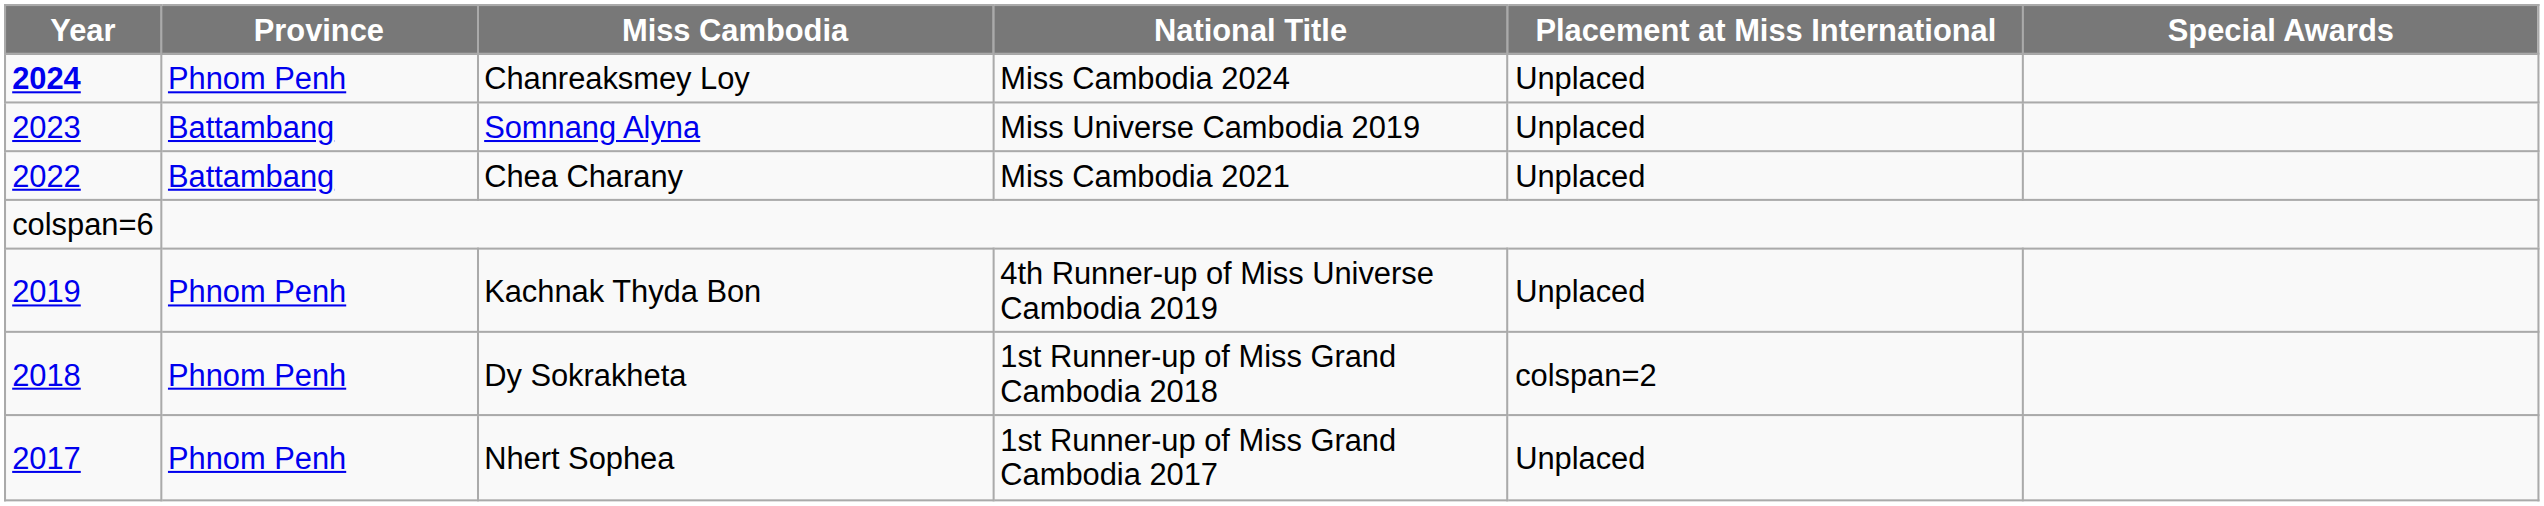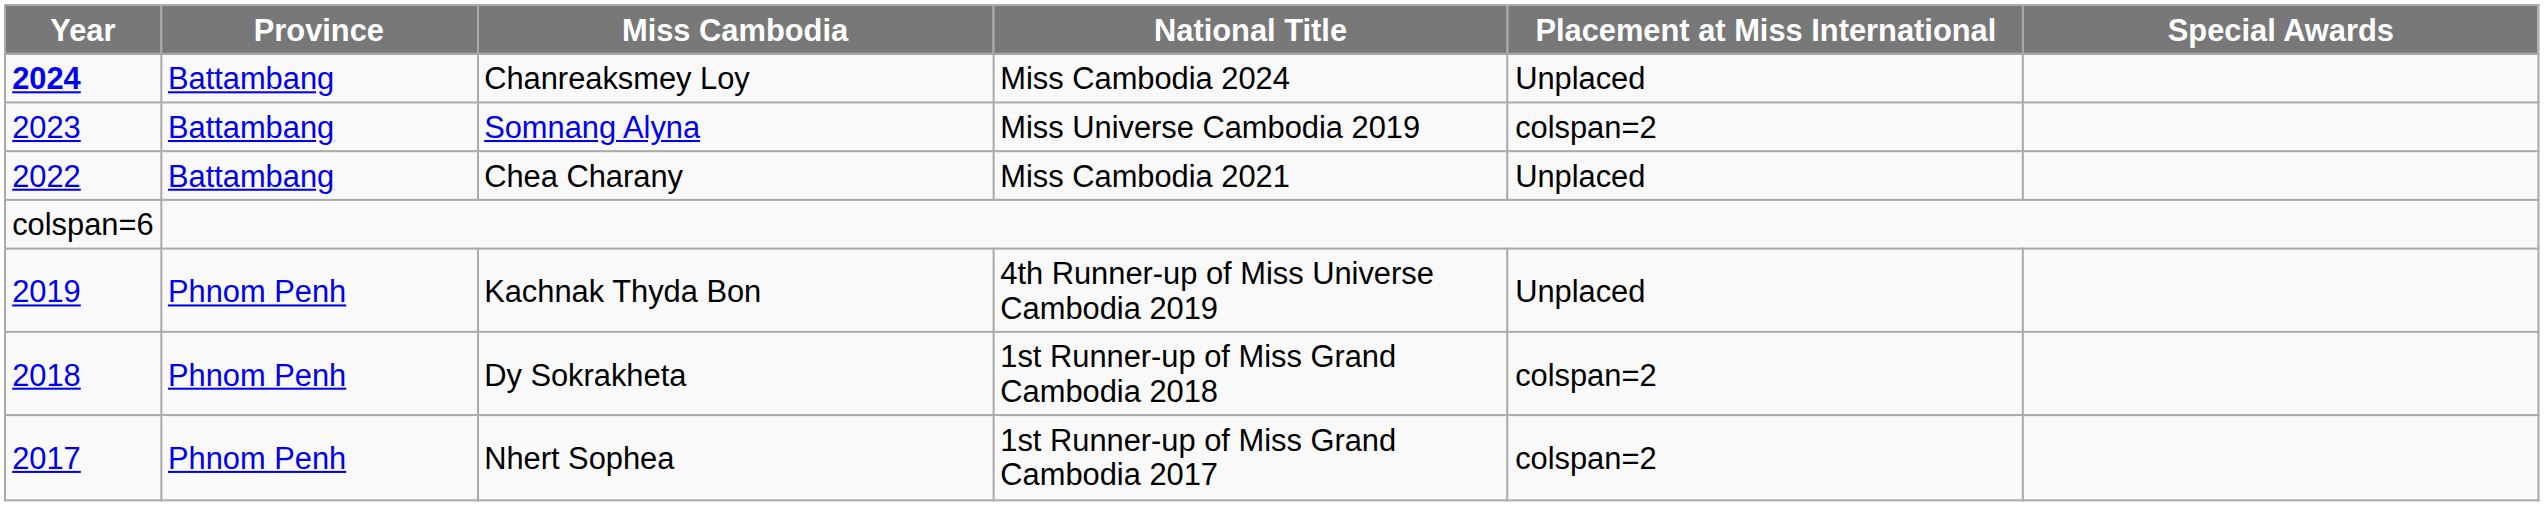 <table class="wikitable " style="font-size: 95%;">
 <tr>
 <th width="60" style="background-color:#787878;color:#FFFFFF;">Year</th>
 <th width="150" style="background-color:#787878;color:#FFFFFF;">Province</th>
 <th width="250" style="background-color:#787878;color:#FFFFFF;">Miss Cambodia</th>
 <th width="250" style="background-color:#787878;color:#FFFFFF;">National Title</th>
 <th width="250" style="background-color:#787878;color:#FFFFFF;">Placement at Miss International</th>
 <th width="250" style="background-color:#787878;color:#FFFFFF;">Special Awards</th>
 </tr>
 <tr>
 <td><strong><a href='#'>2024</a></strong></td>
-<td><a href='#'>Phnom Penh</a></td>
+<td><a href='#'>Battambang</a></td>
 <td>Chanreaksmey Loy</td>
 <td>Miss Cambodia 2024</td>
 <td>Unplaced</td>
 <td></td>
 </tr>
 <tr>
 <td><a href='#'>2023</a></td>
 <td><a href='#'>Battambang</a></td>
 <td><a href='#'>Somnang Alyna</a></td>
 <td>Miss Universe Cambodia 2019</td>
-<td>Unplaced</td>
+<td>colspan=2 </td>
 <td></td>
 </tr>
 <tr>
 <td><a href='#'>2022</a></td>
 <td><a href='#'>Battambang</a></td>
 <td>Chea Charany</td>
 <td>Miss Cambodia 2021</td>
 <td>Unplaced</td>
 <td></td>
 </tr>
 <tr>
 <td>colspan=6 </td>
 </tr>
 <tr>
 <td><a href='#'>2019</a></td>
 <td><a href='#'>Phnom Penh</a></td>
 <td>Kachnak Thyda Bon</td>
 <td>4th Runner-up of Miss Universe Cambodia 2019</td>
 <td>Unplaced</td>
 <td></td>
 </tr>
 <tr>
 <td><a href='#'>2018</a></td>
 <td><a href='#'>Phnom Penh</a></td>
 <td>Dy Sokrakheta</td>
 <td>1st Runner-up of Miss Grand Cambodia 2018</td>
 <td>colspan=2 </td>
 </tr>
 <tr>
 <td><a href='#'>2017</a></td>
 <td><a href='#'>Phnom Penh</a></td>
 <td>Nhert Sophea</td>
 <td>1st Runner-up of Miss Grand Cambodia 2017</td>
-<td>Unplaced</td>
+<td>colspan=2 </td>
 <td></td>
 </tr>
 </table>
